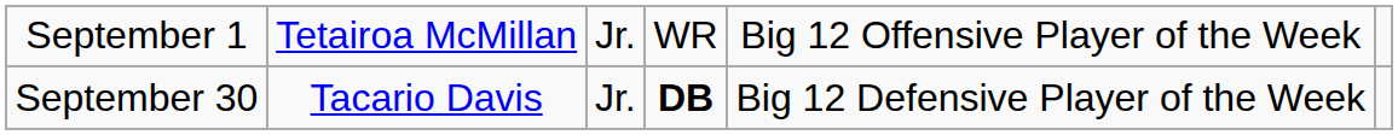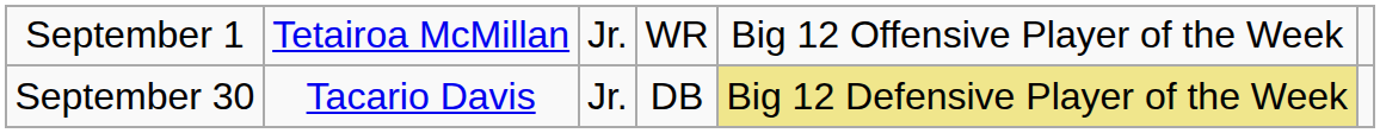 <table class="wikitable sortable sortable" style="text-align: center">
 <tr>
 <td>September 1</td>
 <td><a href='#'>Tetairoa McMillan</a></td>
 <td>Jr.</td>
 <td>WR</td>
 <td>Big 12 Offensive Player of the Week</td>
 <td></td>
 </tr>
 <tr>
 <td>September 30</td>
 <td><a href='#'>Tacario Davis</a></td>
 <td>Jr.</td>
-<td><strong>DB</strong></td>
-<td>Big 12 Defensive Player of the Week</td>
+<td>DB</td>
+<td style="background: khaki;">Big 12 Defensive Player of the Week</td>
 <td></td>
 </tr>
 <tr>
 </tr>
 </table>
